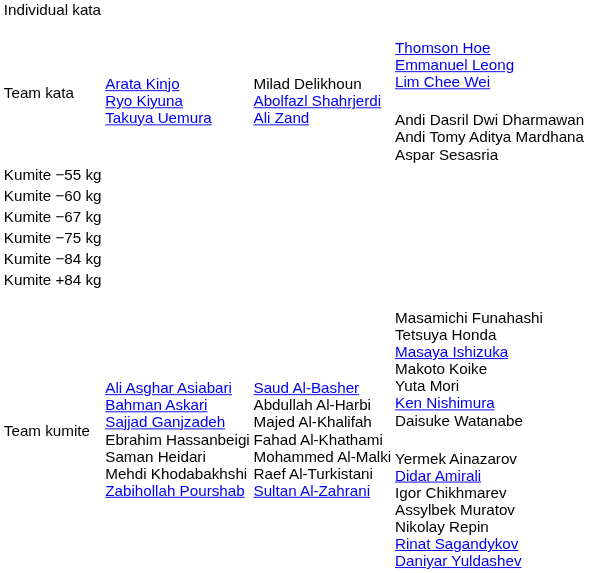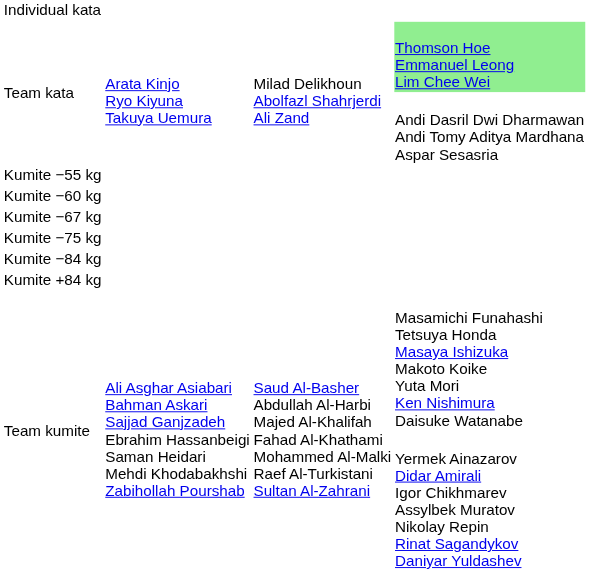 <table>
 <tr>
 <td rowspan=2>Individual kata</td>
 <td rowspan=2></td>
 <td rowspan=2></td>
 <td></td>
 </tr>
 <tr>
 <td></td>
 </tr>
 <tr>
 <td rowspan=2>Team kata</td>
 <td rowspan=2><br><a href='#'>Arata Kinjo</a><br><a href='#'>Ryo Kiyuna</a><br><a href='#'>Takuya Uemura</a></td>
 <td rowspan=2><br>Milad Delikhoun<br><a href='#'>Abolfazl Shahrjerdi</a><br><a href='#'>Ali Zand</a></td>
-<td><br><a href='#'>Thomson Hoe</a><br><a href='#'>Emmanuel Leong</a><br><a href='#'>Lim Chee Wei</a></td>
+<td style="background: lightgreen;"><br><a href='#'>Thomson Hoe</a><br><a href='#'>Emmanuel Leong</a><br><a href='#'>Lim Chee Wei</a></td>
 </tr>
 <tr>
 <td><br>Andi Dasril Dwi Dharmawan<br>Andi Tomy Aditya Mardhana<br>Aspar Sesasria</td>
 </tr>
 <tr>
 <td rowspan=2>Kumite −55 kg</td>
 <td rowspan=2></td>
 <td rowspan=2></td>
 <td></td>
 </tr>
 <tr>
 <td></td>
 </tr>
 <tr>
 <td rowspan=2>Kumite −60 kg</td>
 <td rowspan=2></td>
 <td rowspan=2></td>
 <td></td>
 </tr>
 <tr>
 <td></td>
 </tr>
 <tr>
 <td rowspan=2>Kumite −67 kg</td>
 <td rowspan=2></td>
 <td rowspan=2></td>
 <td></td>
 </tr>
 <tr>
 <td></td>
 </tr>
 <tr>
 <td rowspan=2>Kumite −75 kg</td>
 <td rowspan=2></td>
 <td rowspan=2></td>
 <td></td>
 </tr>
 <tr>
 <td></td>
 </tr>
 <tr>
 <td rowspan=2>Kumite −84 kg</td>
 <td rowspan=2></td>
 <td rowspan=2></td>
 <td></td>
 </tr>
 <tr>
 <td></td>
 </tr>
 <tr>
 <td rowspan=2>Kumite +84 kg</td>
 <td rowspan=2></td>
 <td rowspan=2></td>
 <td></td>
 </tr>
 <tr>
 <td></td>
 </tr>
 <tr>
 <td rowspan=2>Team kumite</td>
 <td rowspan=2><br><a href='#'>Ali Asghar Asiabari</a><br><a href='#'>Bahman Askari</a><br><a href='#'>Sajjad Ganjzadeh</a><br>Ebrahim Hassanbeigi<br>Saman Heidari<br>Mehdi Khodabakhshi<br><a href='#'>Zabihollah Pourshab</a></td>
 <td rowspan=2><br><a href='#'>Saud Al-Basher</a><br>Abdullah Al-Harbi<br>Majed Al-Khalifah<br>Fahad Al-Khathami<br>Mohammed Al-Malki<br>Raef Al-Turkistani<br><a href='#'>Sultan Al-Zahrani</a></td>
 <td><br>Masamichi Funahashi<br>Tetsuya Honda<br><a href='#'>Masaya Ishizuka</a><br>Makoto Koike<br>Yuta Mori<br><a href='#'>Ken Nishimura</a><br>Daisuke Watanabe</td>
 </tr>
 <tr>
 <td><br>Yermek Ainazarov<br><a href='#'>Didar Amirali</a><br>Igor Chikhmarev<br>Assylbek Muratov<br>Nikolay Repin<br><a href='#'>Rinat Sagandykov</a><br><a href='#'>Daniyar Yuldashev</a></td>
 </tr>
 </table>
